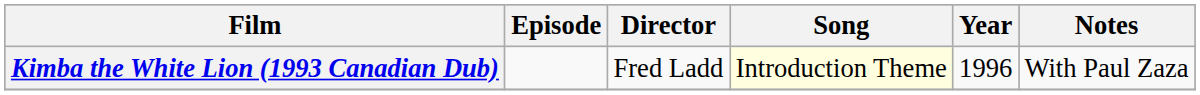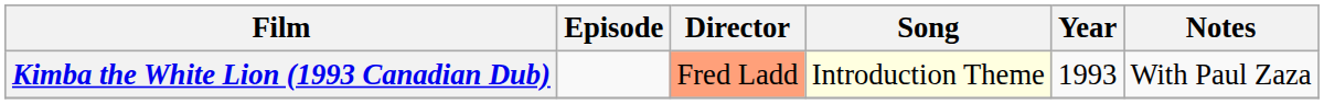 <table class="wikitable plainrowheaders sortable">
 <tr>
 <th scope="col" class="unsortable">Film</th>
 <th scope="col">Episode</th>
 <th scope="col">Director</th>
 <th scope="col">Song</th>
 <th scope="col">Year</th>
 <th scope="col" class="unsortable">Notes</th>
 </tr>
 <tr>
 <th scope="row"><em><a href='#'>Kimba the White Lion (1993 Canadian Dub)</a></em></th>
 <td></td>
-<td>Fred Ladd</td>
+<td style="background: lightsalmon;">Fred Ladd</td>
 <td style="background: lightyellow;">Introduction Theme</td>
-<td>1996</td>
+<td>1993</td>
 <td>With Paul Zaza</td>
 </tr>
 <tr>
 </tr>
 </table>
